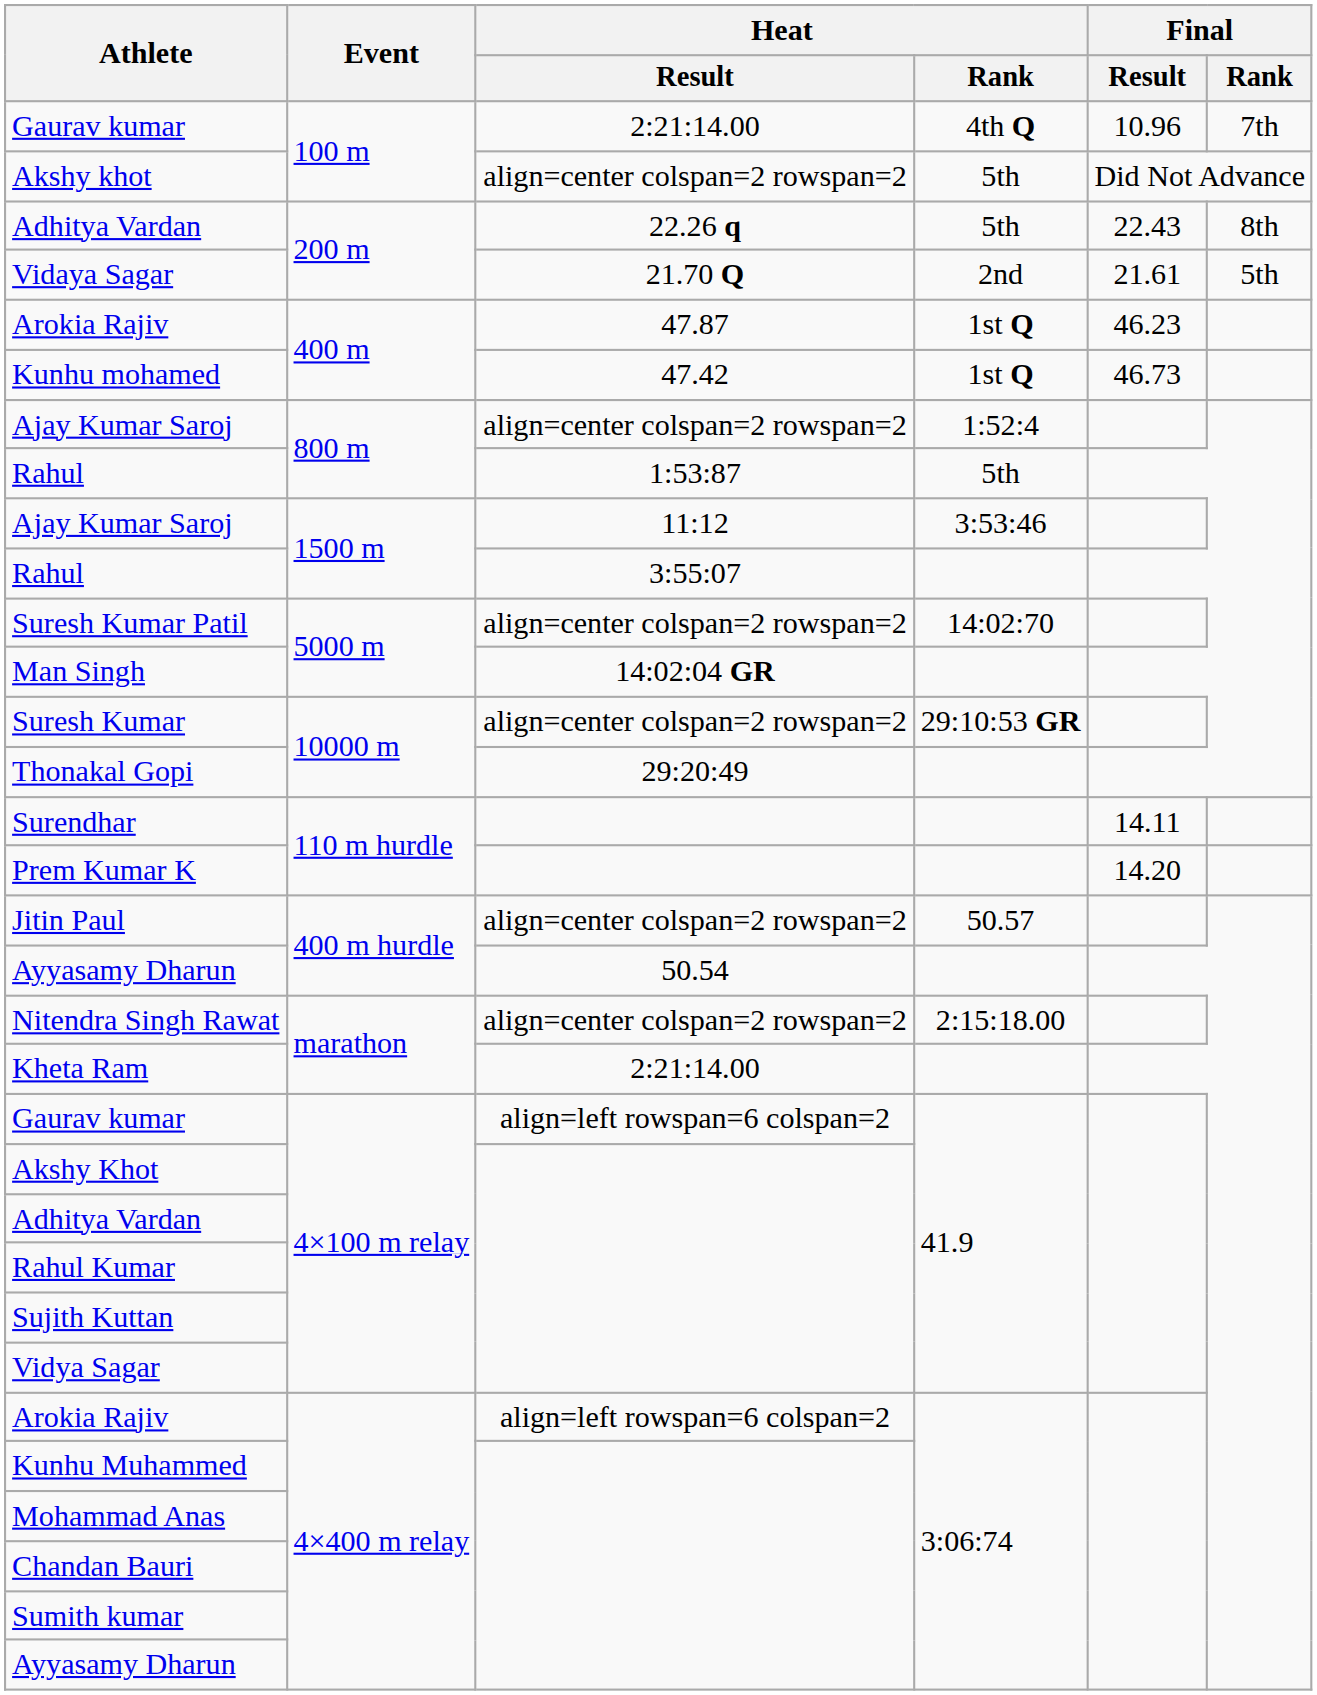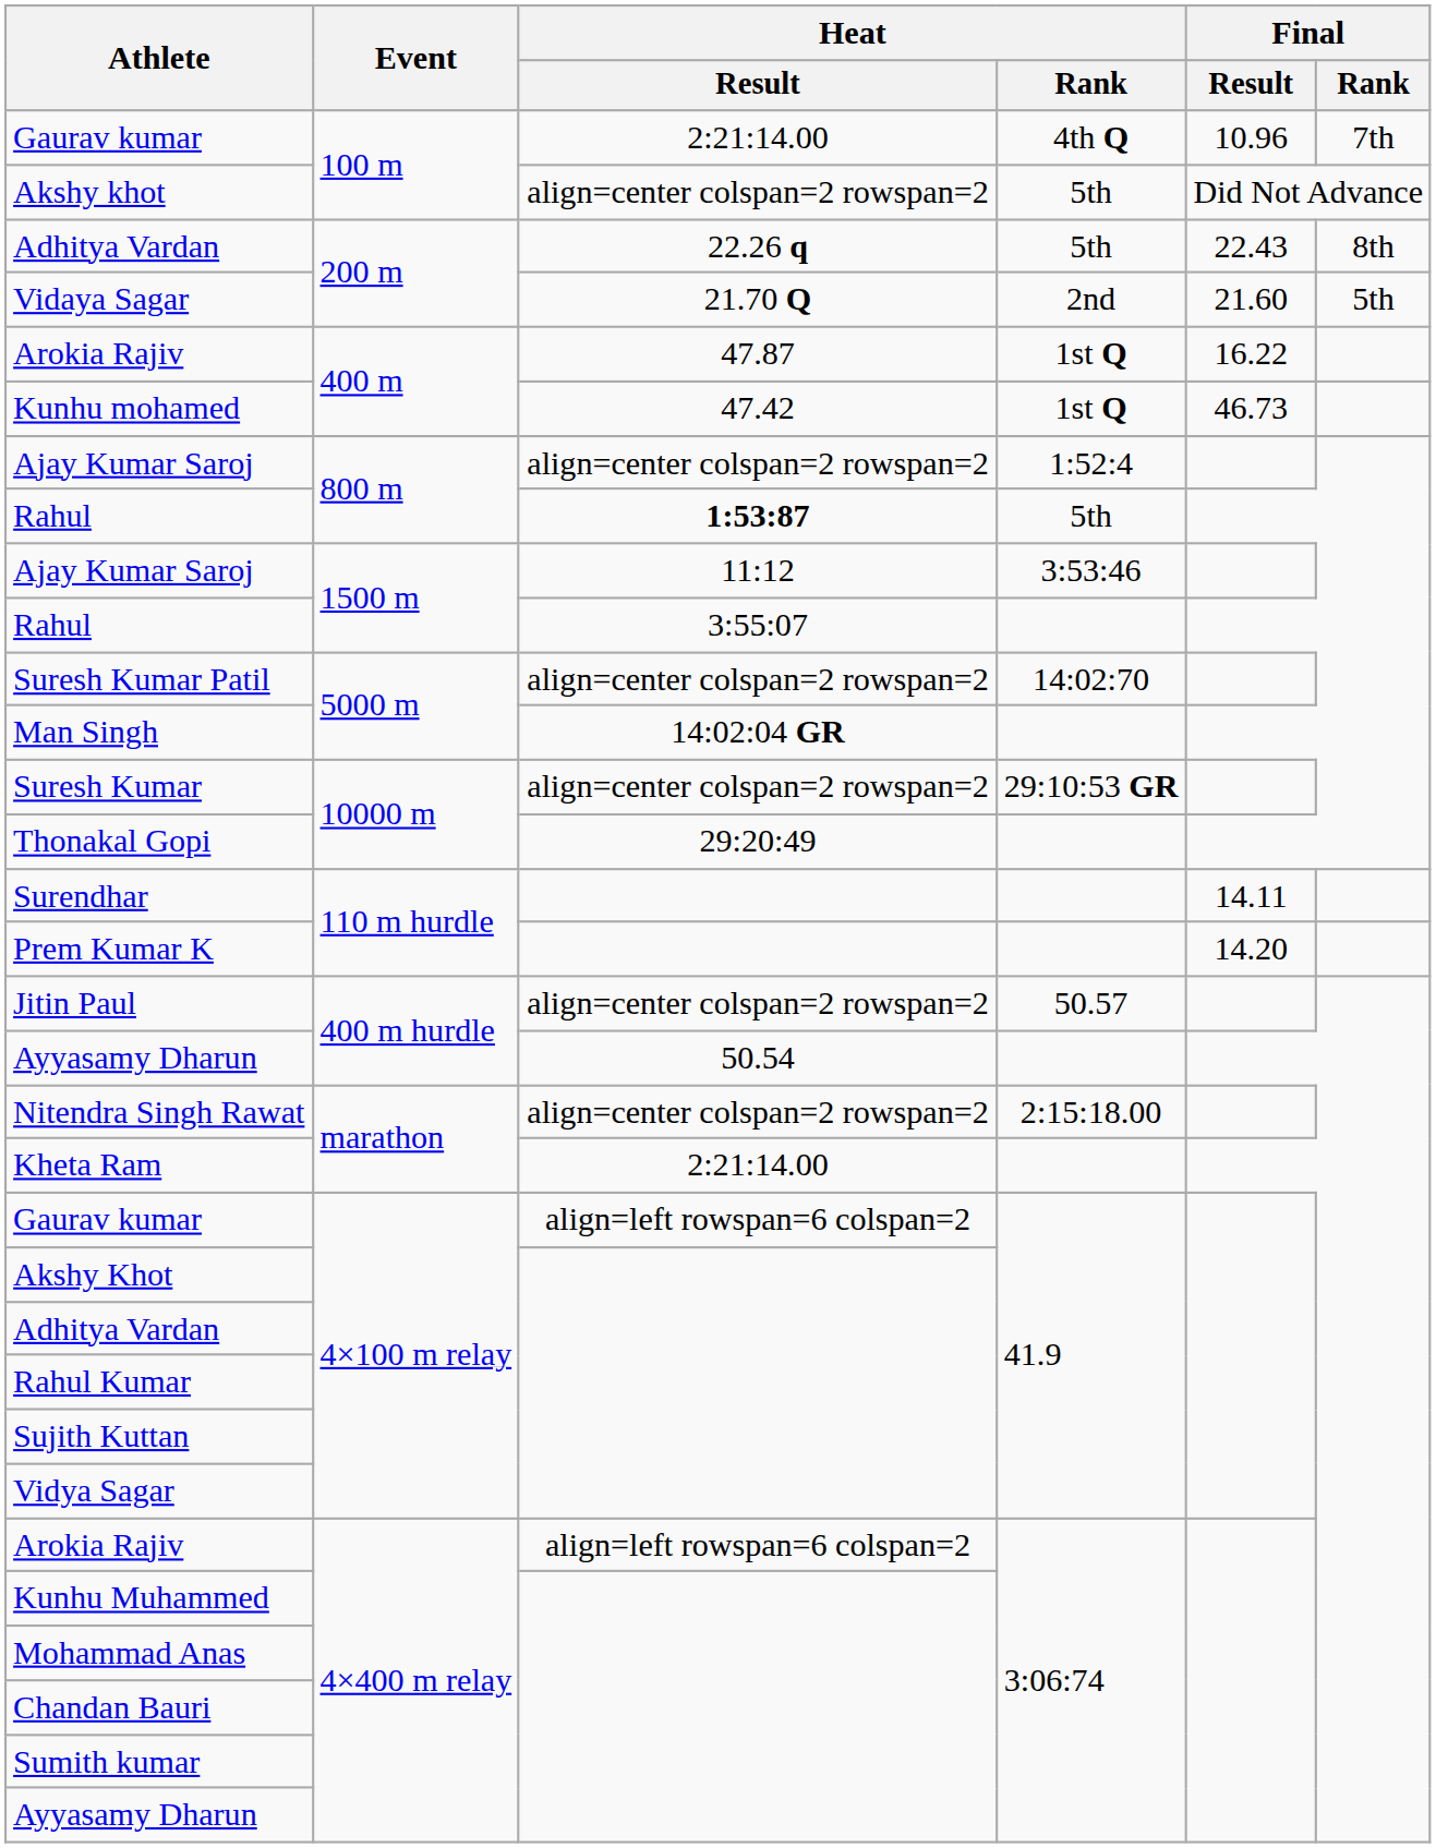 <table class="wikitable" style="font-size:90%" style="text-align:center;">
 <tr>
 <th rowspan=2>Athlete</th>
 <th rowspan=2>Event</th>
 <th colspan=2>Heat</th>
 <th colspan=2>Final</th>
 </tr>
 <tr style="font-size:95%">
 <th>Result</th>
 <th>Rank</th>
 <th>Result</th>
 <th>Rank</th>
 </tr>
 <tr align=center>
 <td align=left><a href='#'>Gaurav kumar</a></td>
 <td align=left rowspan=2><a href='#'>100 m</a></td>
 <td>2:21:14.00</td>
 <td>4th <strong>Q</strong></td>
 <td>10.96</td>
 <td>7th</td>
 </tr>
 <tr align="center">
 <td align=left><a href='#'>Akshy khot</a></td>
 <td>align=center colspan=2 rowspan=2 </td>
 <td>5th</td>
 <td colspan="2">Did Not Advance</td>
 </tr>
 <tr align=center>
 <td align=left><a href='#'>Adhitya Vardan</a></td>
 <td align=left rowspan=2><a href='#'>200 m</a></td>
 <td>22.26 <strong>q</strong></td>
 <td>5th</td>
 <td>22.43</td>
 <td>8th</td>
 </tr>
 <tr align=center>
 <td align=left><a href='#'>Vidaya Sagar</a></td>
 <td>21.70 <strong>Q</strong></td>
 <td>2nd</td>
-<td>21.61</td>
+<td>21.60</td>
 <td>5th</td>
 </tr>
 <tr align=center>
 <td align=left><a href='#'>Arokia Rajiv</a></td>
 <td align=left rowspan=2><a href='#'>400 m</a></td>
 <td>47.87</td>
 <td>1st <strong>Q</strong></td>
-<td>46.23</td>
+<td>16.22</td>
 <td></td>
 </tr>
 <tr align=center>
 <td align=left><a href='#'>Kunhu mohamed</a></td>
 <td>47.42</td>
 <td>1st <strong>Q</strong></td>
 <td>46.73</td>
 <td></td>
 </tr>
 <tr align=center>
 <td align=left><a href='#'>Ajay Kumar Saroj</a></td>
 <td align=left rowspan=2><a href='#'>800 m</a></td>
 <td>align=center colspan=2 rowspan=2 </td>
 <td>1:52:4</td>
 <td></td>
 </tr>
 <tr align=center>
 <td align=left><a href='#'>Rahul</a></td>
-<td>1:53:87</td>
+<td><strong>1:53:87</strong></td>
 <td>5th</td>
 </tr>
 <tr align=center>
 <td align=left><a href='#'>Ajay Kumar Saroj</a></td>
 <td align=left rowspan=2><a href='#'>1500 m</a></td>
 <td>11:12</td>
 <td>3:53:46</td>
 <td></td>
 </tr>
 <tr align=center>
 <td align=left><a href='#'>Rahul</a></td>
 <td>3:55:07</td>
 <td></td>
 </tr>
 <tr align=center>
 <td align=left><a href='#'>Suresh Kumar Patil</a></td>
 <td align=left rowspan=2><a href='#'>5000 m</a></td>
 <td>align=center colspan=2 rowspan=2 </td>
 <td>14:02:70</td>
 <td></td>
 </tr>
 <tr align=center>
 <td align=left><a href='#'>Man Singh</a></td>
 <td>14:02:04 <strong>GR</strong></td>
 <td></td>
 </tr>
 <tr align=center>
 <td align=left><a href='#'>Suresh Kumar</a></td>
 <td align=left rowspan=2><a href='#'>10000 m</a></td>
 <td>align=center colspan=2 rowspan=2 </td>
 <td>29:10:53 <strong>GR</strong></td>
 <td></td>
 </tr>
 <tr align=center>
 <td align=left><a href='#'>Thonakal Gopi</a></td>
 <td>29:20:49</td>
 <td></td>
 </tr>
 <tr align=center>
 <td align=left><a href='#'>Surendhar</a></td>
 <td align=left rowspan=2><a href='#'>110 m hurdle</a></td>
 <td></td>
 <td></td>
 <td>14.11</td>
 <td></td>
 </tr>
 <tr align=center>
 <td align=left><a href='#'>Prem Kumar K</a></td>
 <td></td>
 <td></td>
 <td>14.20</td>
 <td></td>
 </tr>
 <tr align=center>
 <td align=left><a href='#'>Jitin Paul</a></td>
 <td align=left rowspan=2><a href='#'>400 m hurdle</a></td>
 <td>align=center colspan=2 rowspan=2 </td>
 <td>50.57</td>
 <td></td>
 </tr>
 <tr align=center>
 <td align=left><a href='#'>Ayyasamy Dharun</a></td>
 <td>50.54</td>
 <td></td>
 </tr>
 <tr align=center>
 <td align=left><a href='#'>Nitendra Singh Rawat</a></td>
 <td align=left rowspan=2><a href='#'>marathon</a></td>
 <td>align=center colspan=2 rowspan=2 </td>
 <td>2:15:18.00</td>
 <td></td>
 </tr>
 <tr align=center>
 <td align=left><a href='#'>Kheta Ram</a></td>
 <td>2:21:14.00</td>
 <td></td>
 </tr>
 <tr align=center>
 <td align=left><a href='#'>Gaurav kumar</a></td>
 <td align=left rowspan=6><a href='#'>4×100 m relay</a></td>
 <td>align=left rowspan=6 colspan=2 </td>
 <td align=left rowspan=6>41.9</td>
 <td rowspan="6" align="center"></td>
 </tr>
 <tr align=center>
 <td align=left><a href='#'>Akshy Khot</a></td>
 </tr>
 <tr align=center>
 <td align=left><a href='#'>Adhitya Vardan</a></td>
 </tr>
 <tr align=center>
 <td align=left><a href='#'>Rahul Kumar</a></td>
 </tr>
 <tr align=center>
 <td align=left><a href='#'>Sujith Kuttan</a></td>
 </tr>
 <tr align=center>
 <td align=left><a href='#'>Vidya Sagar</a></td>
 </tr>
 <tr align="center">
 <td align=left><a href='#'>Arokia Rajiv</a></td>
 <td align=left rowspan=6><a href='#'>4×400 m relay</a></td>
 <td>align=left rowspan=6 colspan=2 </td>
 <td align=left rowspan=6>3:06:74</td>
 <td rowspan=6 align="center"></td>
 </tr>
 <tr align=center>
 <td align=left><a href='#'>Kunhu Muhammed</a></td>
 </tr>
 <tr align=center>
 <td align=left><a href='#'>Mohammad Anas</a></td>
 </tr>
 <tr align=center>
 <td align=left><a href='#'>Chandan Bauri</a></td>
 </tr>
 <tr align=center>
 <td align=left><a href='#'>Sumith kumar</a></td>
 </tr>
 <tr align=center>
 <td align=left><a href='#'>Ayyasamy Dharun</a></td>
 </tr>
 </table>
